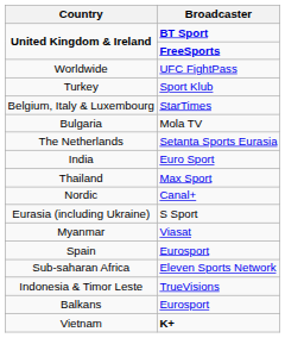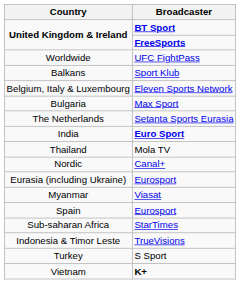 <table class="sortable wikitable succession-box" style="font-size:90%;">
 <tr>
 <th scope="col">Country</th>
 <th scope="col">Broadcaster</th>
 </tr>
 <tr>
 <td rowspan="2" align="center"><strong>United Kingdom & Ireland</strong></td>
 <td><strong><a href='#'>BT Sport</a></strong></td>
 </tr>
 <tr>
 <td><strong><a href='#'>FreeSports</a></strong></td>
 </tr>
 <tr>
 <td align="center">Worldwide</td>
 <td><a href='#'>UFC FightPass</a></td>
 </tr>
 <tr>
-<td align="center">Turkey</td>
+<td align="center">Balkans</td>
 <td><a href='#'>Sport Klub</a></td>
 </tr>
 <tr>
 <td align="center">Belgium, Italy & Luxembourg</td>
-<td><a href='#'>StarTimes</a></td>
+<td><a href='#'>Eleven Sports Network</a></td>
 </tr>
 <tr>
 <td align="center">Bulgaria</td>
-<td>Mola TV</td>
+<td><a href='#'>Max Sport</a></td>
 </tr>
 <tr>
 <td align="center">The Netherlands</td>
 <td><a href='#'>Setanta Sports Eurasia</a></td>
 </tr>
 <tr>
 <td align=center>India</td>
-<td><a href='#'>Euro Sport</a></td>
+<td><strong><a href='#'>Euro Sport</a></strong></td>
 </tr>
 <tr>
 <td align="center">Thailand</td>
-<td><a href='#'>Max Sport</a></td>
+<td>Mola TV</td>
 </tr>
 <tr>
 <td align="center">Nordic</td>
 <td><a href='#'>Canal+</a></td>
 </tr>
 <tr>
 <td align="center">Eurasia (including Ukraine)</td>
-<td>S Sport</td>
+<td><a href='#'>Eurosport</a></td>
 </tr>
 <tr>
 <td align="center">Myanmar</td>
 <td><a href='#'>Viasat</a></td>
 </tr>
 <tr>
 <td align="center">Spain</td>
 <td><a href='#'>Eurosport</a></td>
 </tr>
 <tr>
 <td align="center">Sub-saharan Africa</td>
-<td><a href='#'>Eleven Sports Network</a></td>
+<td><a href='#'>StarTimes</a></td>
 </tr>
 <tr>
 <td align=center>Indonesia & Timor Leste</td>
 <td><a href='#'>TrueVisions</a></td>
 </tr>
 <tr>
-<td align="center">Balkans</td>
-<td><a href='#'>Eurosport</a></td>
+<td align="center">Turkey</td>
+<td>S Sport</td>
 </tr>
 <tr>
 <td align=center>Vietnam</td>
 <td><strong>K+</strong></td>
 </tr>
 </table>
